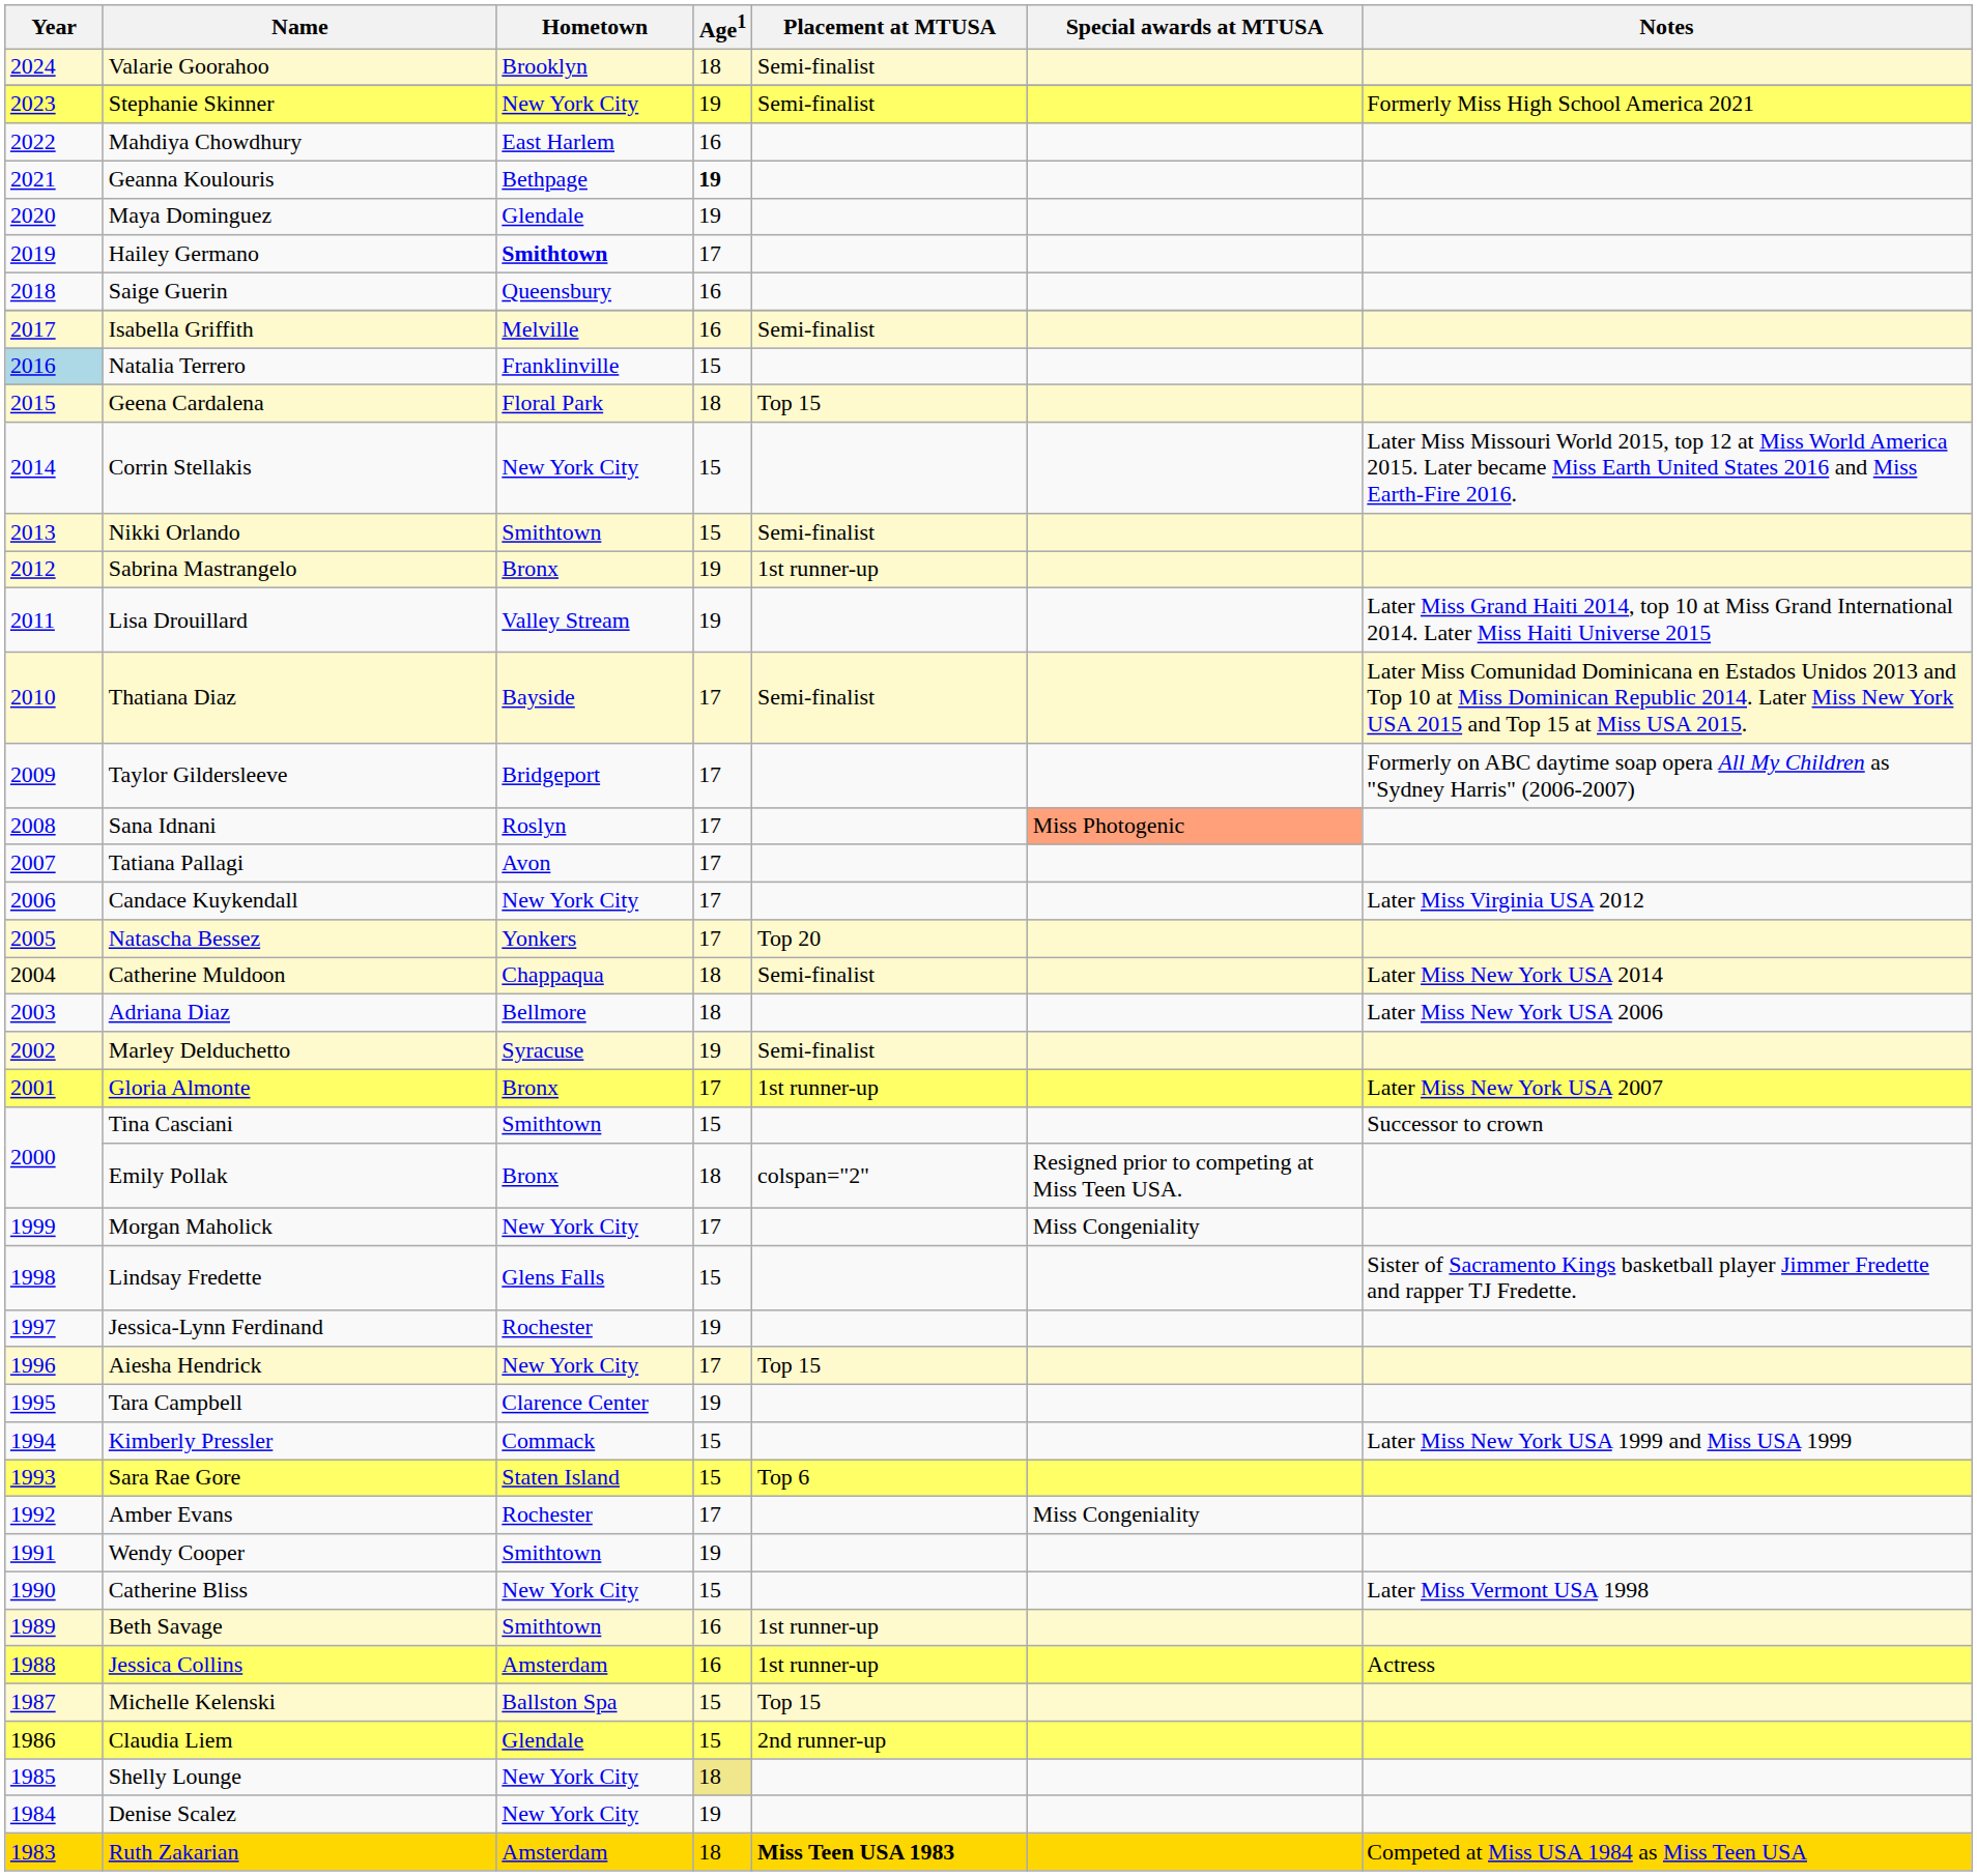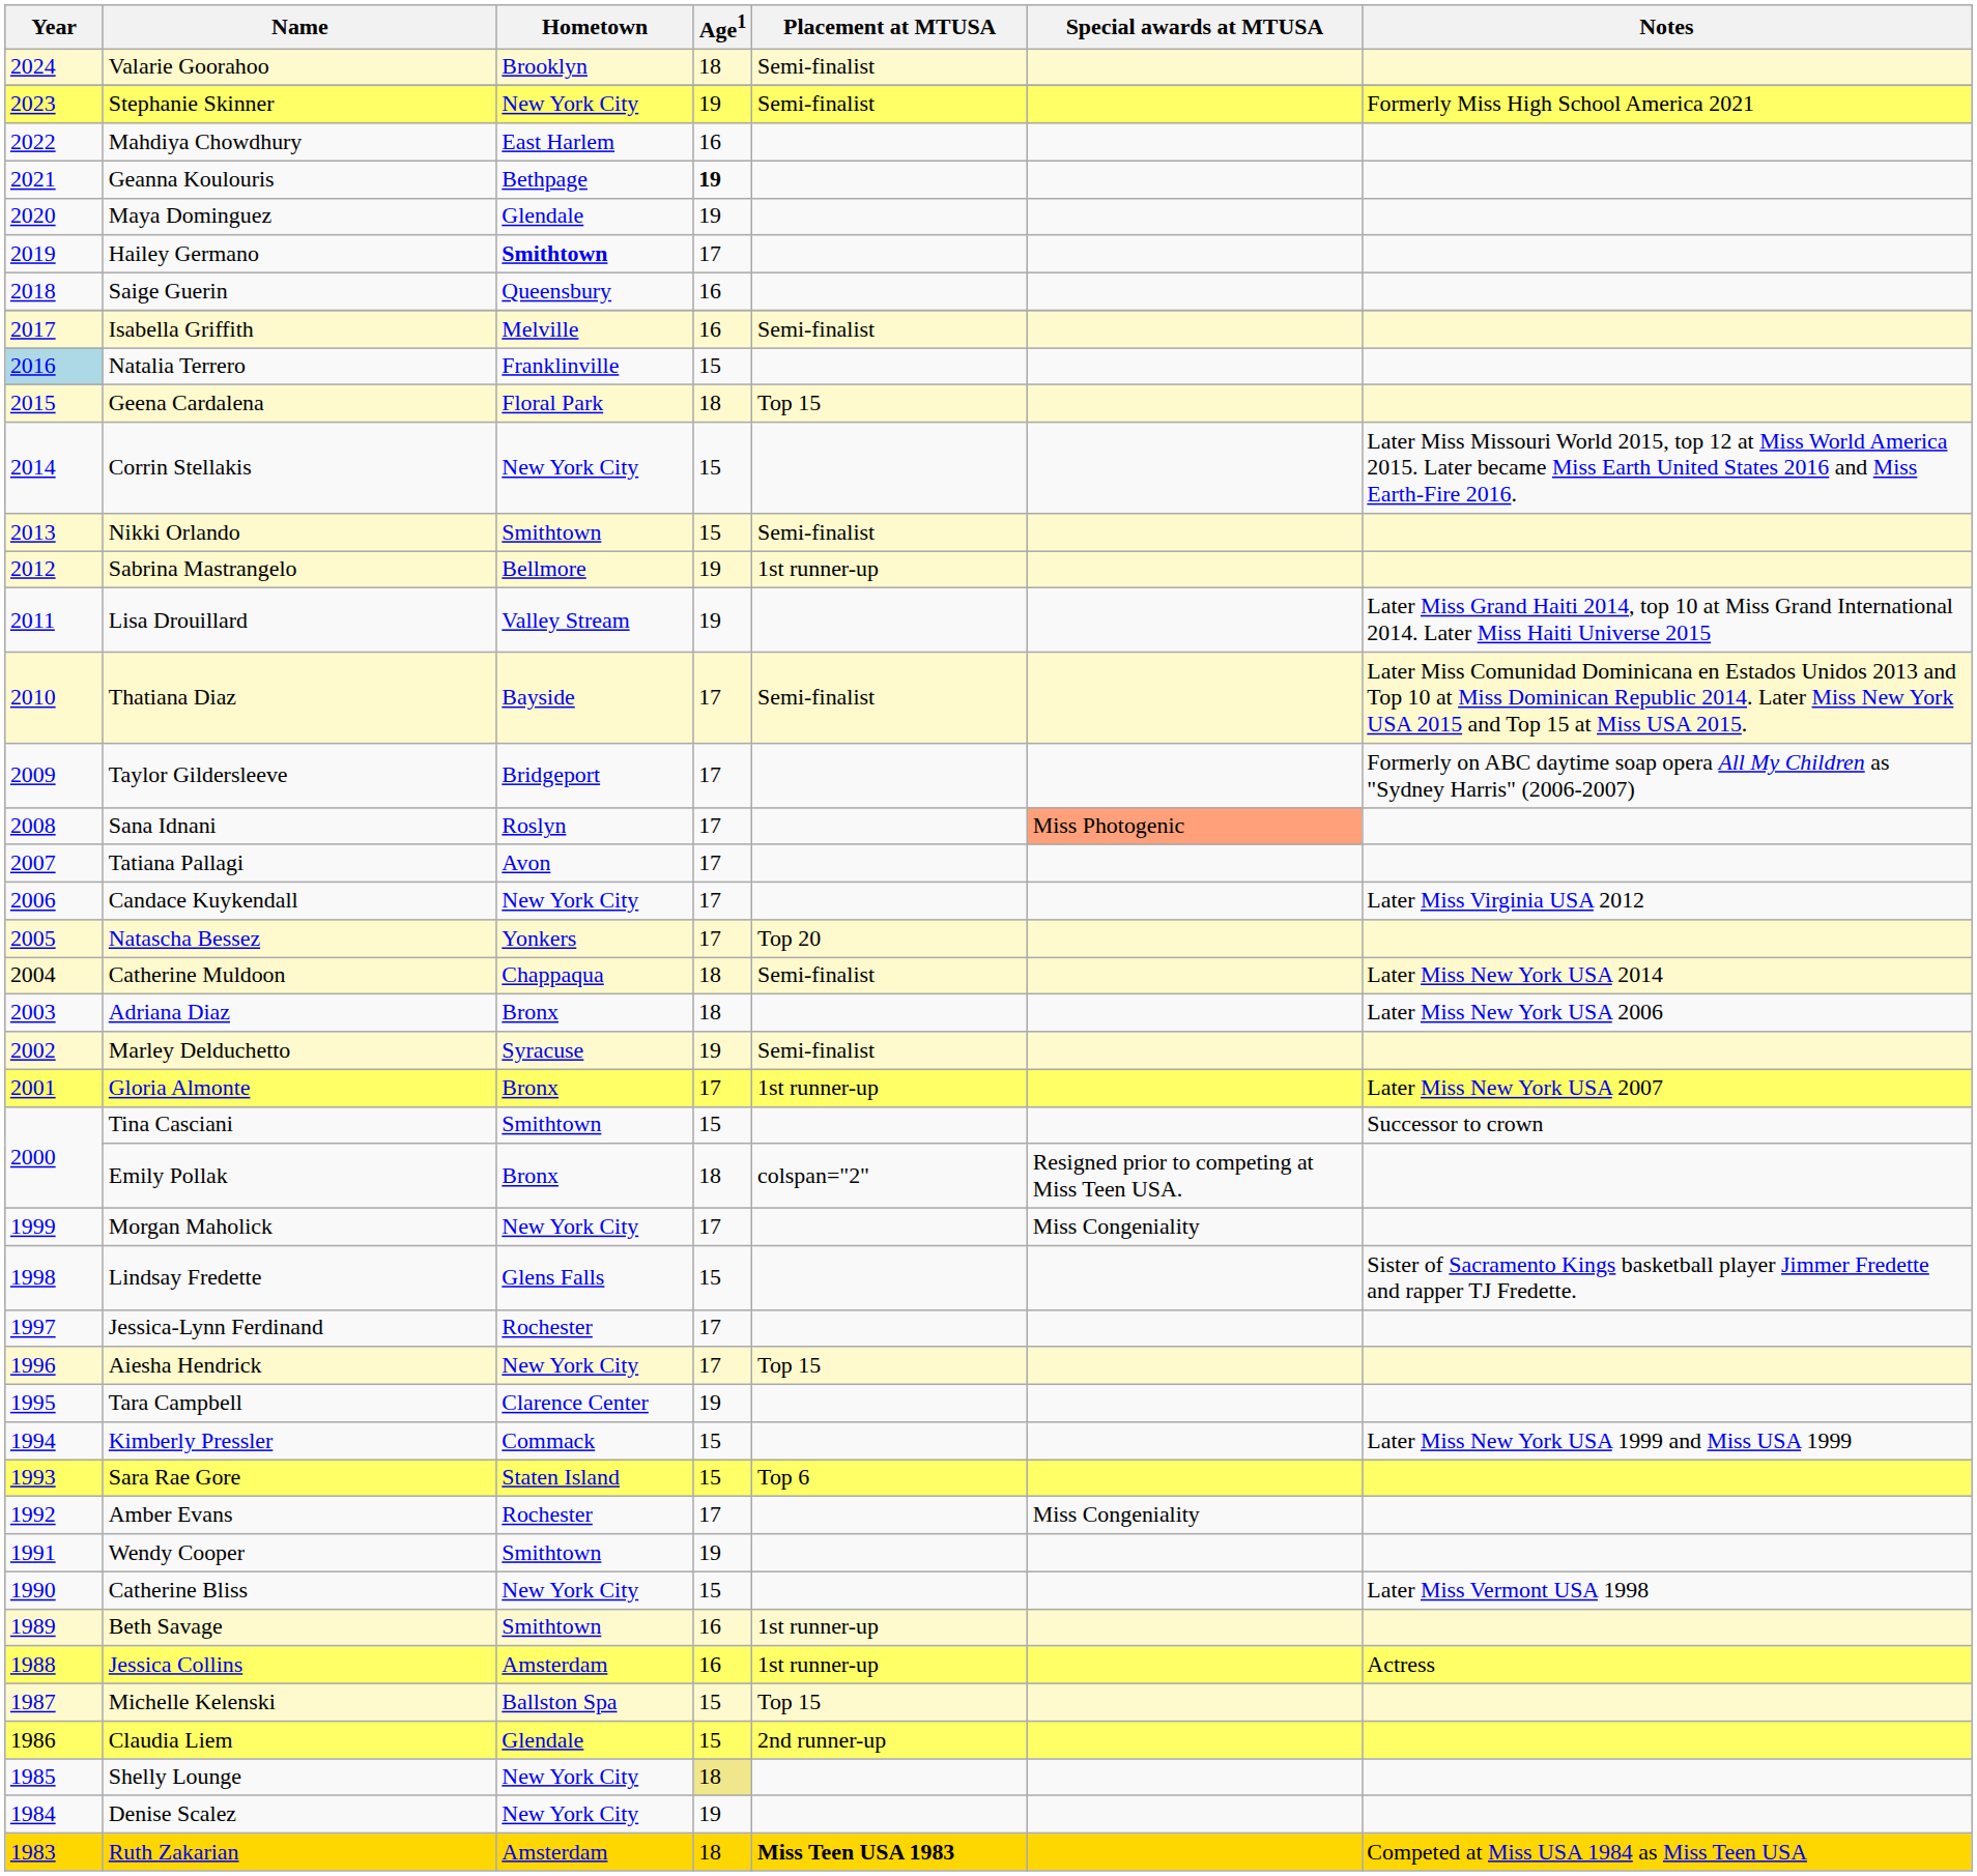 <table class="wikitable"style="font-size:90%;">
 <tr bgcolor="#efefef">
 <th width=5%>Year</th>
 <th width=20%>Name</th>
 <th width=10%>Hometown</th>
 <th width=3%>Age<sup>1</sup></th>
 <th width=14%>Placement at MTUSA</th>
 <th width=17%>Special awards at MTUSA</th>
 <th width=31%>Notes</th>
 </tr>
 <tr style="background-color:#FFFACD;">
 <td><a href='#'>2024</a></td>
 <td>Valarie Goorahoo</td>
 <td><a href='#'>Brooklyn</a></td>
 <td>18</td>
 <td>Semi-finalist</td>
 <td></td>
 <td></td>
 </tr>
 <tr>
 </tr>
 <tr style="background-color:#FFFF66;">
 <td><a href='#'>2023</a></td>
 <td>Stephanie Skinner</td>
 <td><a href='#'>New York City</a></td>
 <td>19</td>
 <td>Semi-finalist</td>
 <td></td>
 <td>Formerly Miss High School America 2021</td>
 </tr>
 <tr>
 <td><a href='#'>2022</a></td>
 <td>Mahdiya Chowdhury</td>
 <td><a href='#'>East Harlem</a></td>
 <td>16</td>
 <td></td>
 <td></td>
 <td></td>
 </tr>
 <tr>
 <td><a href='#'>2021</a></td>
 <td>Geanna Koulouris</td>
 <td><a href='#'>Bethpage</a></td>
 <td><strong>19</strong></td>
 <td></td>
 <td></td>
 <td></td>
 </tr>
 <tr>
 <td><a href='#'>2020</a></td>
 <td>Maya Dominguez</td>
 <td><a href='#'>Glendale</a></td>
 <td>19</td>
 <td></td>
 <td></td>
 <td></td>
 </tr>
 <tr>
 <td><a href='#'>2019</a></td>
 <td>Hailey Germano</td>
 <td><strong><a href='#'>Smithtown</a></strong></td>
 <td>17</td>
 <td></td>
 <td></td>
 <td></td>
 </tr>
 <tr>
 <td><a href='#'>2018</a></td>
 <td>Saige Guerin</td>
 <td><a href='#'>Queensbury</a></td>
 <td>16</td>
 <td></td>
 <td></td>
 <td></td>
 </tr>
 <tr>
 </tr>
 <tr style="background-color:#FFFACD;">
 <td><a href='#'>2017</a></td>
 <td>Isabella Griffith</td>
 <td><a href='#'>Melville</a></td>
 <td>16</td>
 <td>Semi-finalist</td>
 <td></td>
 <td></td>
 </tr>
 <tr>
 <td style="background: lightblue;"><a href='#'>2016</a></td>
 <td>Natalia Terrero</td>
 <td><a href='#'>Franklinville</a></td>
 <td>15</td>
 <td></td>
 <td></td>
 <td></td>
 </tr>
 <tr style="background-color:#FFFACD;">
 <td><a href='#'>2015</a></td>
 <td>Geena Cardalena</td>
 <td><a href='#'>Floral Park</a></td>
 <td>18</td>
 <td>Top 15</td>
 <td></td>
 <td></td>
 </tr>
 <tr>
 <td><a href='#'>2014</a></td>
 <td>Corrin Stellakis</td>
 <td><a href='#'>New York City</a></td>
 <td>15</td>
 <td></td>
 <td></td>
 <td>Later Miss Missouri World 2015, top 12 at <a href='#'>Miss World America</a> 2015. Later became <a href='#'>Miss Earth United States 2016</a> and <a href='#'>Miss Earth-Fire 2016</a>.</td>
 </tr>
 <tr style="background-color:#FFFACD;">
 <td><a href='#'>2013</a></td>
 <td>Nikki Orlando</td>
 <td><a href='#'>Smithtown</a></td>
 <td>15</td>
 <td>Semi-finalist</td>
 <td></td>
 <td></td>
 </tr>
 <tr style="background-color:#FFFACD;">
 <td><a href='#'>2012</a></td>
 <td>Sabrina Mastrangelo</td>
-<td><a href='#'>Bronx</a></td>
+<td><a href='#'>Bellmore</a></td>
 <td>19</td>
 <td>1st runner-up</td>
 <td></td>
 <td></td>
 </tr>
 <tr>
 <td><a href='#'>2011</a></td>
 <td>Lisa Drouillard</td>
 <td><a href='#'>Valley Stream</a></td>
 <td>19</td>
 <td></td>
 <td></td>
 <td>Later <a href='#'>Miss Grand Haiti 2014</a>, top 10 at Miss Grand International 2014. Later <a href='#'>Miss Haiti Universe 2015</a></td>
 </tr>
 <tr style="background-color:#FFFACD;">
 <td><a href='#'>2010</a></td>
 <td>Thatiana Diaz</td>
 <td><a href='#'>Bayside</a></td>
 <td>17</td>
 <td>Semi-finalist</td>
 <td></td>
 <td>Later Miss Comunidad Dominicana en Estados Unidos 2013 and Top 10 at <a href='#'>Miss Dominican Republic 2014</a>. Later <a href='#'>Miss New York USA 2015</a> and Top 15 at <a href='#'>Miss USA 2015</a>.</td>
 </tr>
 <tr>
 <td><a href='#'>2009</a></td>
 <td>Taylor Gildersleeve</td>
 <td><a href='#'>Bridgeport</a></td>
 <td>17</td>
 <td></td>
 <td></td>
 <td>Formerly on ABC daytime soap opera <em><a href='#'>All My Children</a></em> as "Sydney Harris" (2006-2007)</td>
 </tr>
 <tr>
 <td><a href='#'>2008</a></td>
 <td>Sana Idnani</td>
 <td><a href='#'>Roslyn</a></td>
 <td>17</td>
 <td></td>
 <td style="background: lightsalmon;">Miss Photogenic</td>
 <td></td>
 </tr>
 <tr>
 <td><a href='#'>2007</a></td>
 <td>Tatiana Pallagi</td>
 <td><a href='#'>Avon</a></td>
 <td>17</td>
 <td></td>
 <td></td>
 <td></td>
 </tr>
 <tr>
 <td><a href='#'>2006</a></td>
 <td>Candace Kuykendall</td>
 <td><a href='#'>New York City</a></td>
 <td>17</td>
 <td></td>
 <td></td>
 <td>Later <a href='#'>Miss Virginia USA</a> 2012</td>
 </tr>
 <tr style="background-color:#FFFACD;">
 <td><a href='#'>2005</a></td>
 <td><a href='#'>Natascha Bessez</a></td>
 <td><a href='#'>Yonkers</a></td>
 <td>17</td>
 <td>Top 20</td>
 <td></td>
 <td></td>
 </tr>
 <tr style="background-color:#FFFACD;">
 <td>2004</td>
 <td>Catherine Muldoon</td>
 <td><a href='#'>Chappaqua</a></td>
 <td>18</td>
 <td>Semi-finalist</td>
 <td></td>
 <td>Later <a href='#'>Miss New York USA</a> 2014</td>
 </tr>
 <tr>
 <td><a href='#'>2003</a></td>
 <td><a href='#'>Adriana Diaz</a></td>
-<td><a href='#'>Bellmore</a></td>
+<td><a href='#'>Bronx</a></td>
 <td>18</td>
 <td></td>
 <td></td>
 <td>Later <a href='#'>Miss New York USA</a> 2006</td>
 </tr>
 <tr style="background-color:#FFFACD;">
 <td><a href='#'>2002</a></td>
 <td>Marley Delduchetto</td>
 <td><a href='#'>Syracuse</a></td>
 <td>19</td>
 <td>Semi-finalist</td>
 <td></td>
 <td></td>
 </tr>
 <tr style="background-color:#FFFF66;">
 <td><a href='#'>2001</a></td>
 <td><a href='#'>Gloria Almonte</a></td>
 <td><a href='#'>Bronx</a></td>
 <td>17</td>
 <td>1st runner-up</td>
 <td></td>
 <td>Later <a href='#'>Miss New York USA</a> 2007</td>
 </tr>
 <tr>
 <td rowspan=2><a href='#'>2000</a></td>
 <td>Tina Casciani</td>
 <td><a href='#'>Smithtown</a></td>
 <td>15</td>
 <td></td>
 <td></td>
 <td>Successor to crown</td>
 </tr>
 <tr>
 <td>Emily Pollak</td>
 <td><a href='#'>Bronx</a></td>
 <td>18</td>
 <td>colspan="2" </td>
 <td>Resigned prior to competing at Miss Teen USA.</td>
 </tr>
 <tr>
 <td><a href='#'>1999</a></td>
 <td>Morgan Maholick</td>
 <td><a href='#'>New York City</a></td>
 <td>17</td>
 <td></td>
 <td>Miss Congeniality</td>
 <td></td>
 </tr>
 <tr>
 <td><a href='#'>1998</a></td>
 <td>Lindsay Fredette</td>
 <td><a href='#'>Glens Falls</a></td>
 <td>15</td>
 <td></td>
 <td></td>
 <td>Sister of <a href='#'>Sacramento Kings</a> basketball player <a href='#'>Jimmer Fredette</a> and rapper TJ Fredette.</td>
 </tr>
 <tr>
 <td><a href='#'>1997</a></td>
 <td>Jessica-Lynn Ferdinand</td>
 <td><a href='#'>Rochester</a></td>
-<td>19</td>
+<td>17</td>
 <td></td>
 <td></td>
 <td></td>
 </tr>
 <tr style="background-color:#FFFACD;">
 <td><a href='#'>1996</a></td>
 <td>Aiesha Hendrick</td>
 <td><a href='#'>New York City</a></td>
 <td>17</td>
 <td>Top 15</td>
 <td></td>
 <td></td>
 </tr>
 <tr>
 <td><a href='#'>1995</a></td>
 <td>Tara Campbell</td>
 <td><a href='#'>Clarence Center</a></td>
 <td>19</td>
 <td></td>
 <td></td>
 <td></td>
 </tr>
 <tr>
 <td><a href='#'>1994</a></td>
 <td><a href='#'>Kimberly Pressler</a></td>
 <td><a href='#'>Commack</a></td>
 <td>15</td>
 <td></td>
 <td></td>
 <td>Later <a href='#'>Miss New York USA</a> 1999 and <a href='#'>Miss USA</a> 1999</td>
 </tr>
 <tr style="background-color:#FFFF66;">
 <td><a href='#'>1993</a></td>
 <td>Sara Rae Gore</td>
 <td><a href='#'>Staten Island</a></td>
 <td>15</td>
 <td>Top 6</td>
 <td></td>
 <td></td>
 </tr>
 <tr>
 <td><a href='#'>1992</a></td>
 <td>Amber Evans</td>
 <td><a href='#'>Rochester</a></td>
 <td>17</td>
 <td></td>
 <td>Miss Congeniality</td>
 <td></td>
 </tr>
 <tr>
 <td><a href='#'>1991</a></td>
 <td>Wendy Cooper</td>
 <td><a href='#'>Smithtown</a></td>
 <td>19</td>
 <td></td>
 <td></td>
 <td></td>
 </tr>
 <tr>
 <td><a href='#'>1990</a></td>
 <td>Catherine Bliss</td>
 <td><a href='#'>New York City</a></td>
 <td>15</td>
 <td></td>
 <td></td>
 <td>Later <a href='#'>Miss Vermont USA</a> 1998</td>
 </tr>
 <tr style="background-color:#FFFACD;">
 <td><a href='#'>1989</a></td>
 <td>Beth Savage</td>
 <td><a href='#'>Smithtown</a></td>
 <td>16</td>
 <td>1st runner-up</td>
 <td></td>
 <td></td>
 </tr>
 <tr style="background-color:#FFFF66;">
 <td><a href='#'>1988</a></td>
 <td><a href='#'>Jessica Collins</a></td>
 <td><a href='#'>Amsterdam</a></td>
 <td>16</td>
 <td>1st runner-up</td>
 <td></td>
 <td>Actress</td>
 </tr>
 <tr style="background-color:#FFFACD;">
 <td><a href='#'>1987</a></td>
 <td>Michelle Kelenski</td>
 <td><a href='#'>Ballston Spa</a></td>
 <td>15</td>
 <td>Top 15</td>
 <td></td>
 <td></td>
 </tr>
 <tr style="background-color:#FFFF66;">
 <td>1986</td>
 <td>Claudia Liem</td>
 <td><a href='#'>Glendale</a></td>
 <td>15</td>
 <td>2nd runner-up</td>
 <td></td>
 <td></td>
 </tr>
 <tr>
 <td><a href='#'>1985</a></td>
 <td>Shelly Lounge</td>
 <td><a href='#'>New York City</a></td>
 <td style="background: khaki;">18</td>
 <td></td>
 <td></td>
 <td></td>
 </tr>
 <tr>
 <td><a href='#'>1984</a></td>
 <td>Denise Scalez</td>
 <td><a href='#'>New York City</a></td>
 <td>19</td>
 <td></td>
 <td></td>
 <td></td>
 </tr>
 <tr style="background-color:GOLD;">
 <td><a href='#'>1983</a></td>
 <td><a href='#'>Ruth Zakarian</a></td>
 <td><a href='#'>Amsterdam</a></td>
 <td>18</td>
 <td><strong>Miss Teen USA 1983</strong></td>
 <td></td>
 <td>Competed at <a href='#'>Miss USA 1984</a> as <a href='#'>Miss Teen USA</a></td>
 </tr>
 </table>
